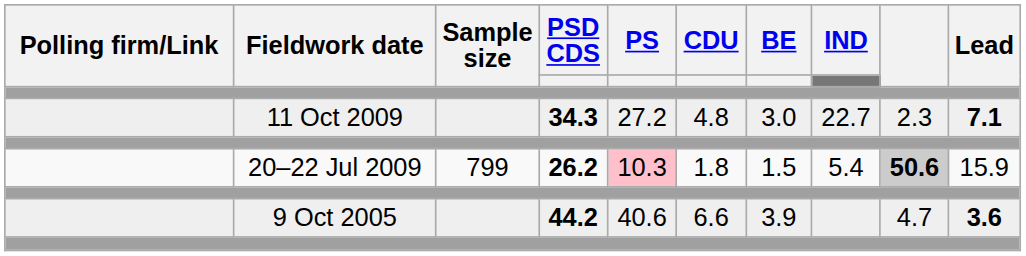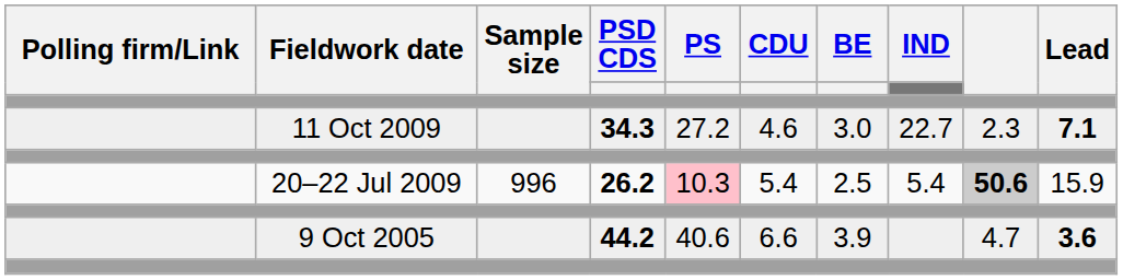 <table class="wikitable collapsible sortable" style="text-align:center; font-size:95%; line-height:16px;">
 <tr style="height:42px;">
 <th style="width:145px;" rowspan="2">Polling firm/Link</th>
 <th style="width:125px;" rowspan="2">Fieldwork date</th>
 <th class="unsortable" style="width:50px;" rowspan="2">Sample size</th>
 <th class="unsortable" style="width:35px;"><a href='#'>PSD</a><br><a href='#'>CDS</a></th>
 <th class="unsortable" style="width:35px;"><a href='#'>PS</a></th>
 <th class="unsortable" style="width:35px;"><a href='#'>CDU</a></th>
 <th class="unsortable" style="width:35px;"><a href='#'>BE</a></th>
 <th class="unsortable" style="width:35px;"><a href='#'>IND</a></th>
 <th class="unsortable" style="width:35px;" rowspan="2"></th>
 <th class="unsortable" style="width:30px;" rowspan="2">Lead</th>
 </tr>
 <tr>
 <th class="unsortable" style="color:inherit;background:"></th>
 <th class="unsortable" style="color:inherit;background:"></th>
 <th class="unsortable" style="color:inherit;background:"></th>
 <th class="unsortable" style="color:inherit;background:"></th>
 <th class="unsortable" style="color:inherit;background:#777777;"></th>
 </tr>
 <tr>
 <td colspan="13" style="background:#A0A0A0"></td>
 </tr>
 <tr style="background:#EFEFEF;">
 <td><strong></strong></td>
 <td data-sort-value="2019-10-06">11 Oct 2009</td>
 <td></td>
 <td><strong>34.3</strong><br></td>
 <td>27.2<br></td>
-<td>4.8<br></td>
+<td>4.6<br></td>
 <td>3.0<br></td>
 <td>22.7<br></td>
 <td>2.3<br></td>
 <td style="background:"><strong>7.1</strong></td>
 </tr>
 <tr>
 <td colspan="13" style="background:#A0A0A0"></td>
 </tr>
 <tr>
 <td align="center"></td>
 <td align="center">20–22 Jul 2009</td>
-<td>799</td>
+<td>996</td>
 <td align="center" ><strong>26.2</strong></td>
 <td align="center" style="background: pink;">10.3</td>
-<td align="center">1.8</td>
-<td align="center">1.5</td>
+<td align="center">5.4</td>
+<td align="center">2.5</td>
 <td align="center">5.4</td>
 <td align="center" style="background:#cccccc"><strong>50.6</strong></td>
 <td style="background:">15.9</td>
 </tr>
 <tr>
 <td colspan="13" style="background:#A0A0A0"></td>
 </tr>
 <tr style="background:#EFEFEF;">
 <td><strong></strong></td>
 <td data-sort-value="2019-10-06">9 Oct 2005</td>
 <td></td>
 <td><strong>44.2</strong><br></td>
 <td>40.6<br></td>
 <td>6.6<br></td>
 <td>3.9<br></td>
 <td></td>
 <td>4.7</td>
 <td style="background:"><strong>3.6</strong></td>
 </tr>
 <tr>
 <td colspan="13" style="background:#A0A0A0"></td>
 </tr>
 <tr>
 </tr>
 </table>
